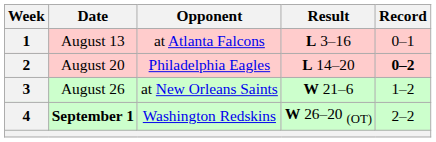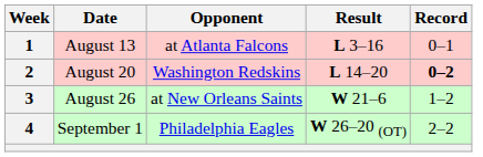 <table class="wikitable" style="text-align:center">
 <tr>
 <th>Week</th>
 <th>Date</th>
 <th>Opponent</th>
 <th>Result</th>
 <th>Record</th>
 </tr>
 <tr style="background:#fcc">
 <th>1</th>
 <td>August 13</td>
 <td>at <a href='#'>Atlanta Falcons</a></td>
 <td><strong>L</strong> 3–16</td>
 <td>0–1</td>
 </tr>
 <tr style="background:#fcc">
 <th>2</th>
 <td>August 20</td>
-<td><a href='#'>Philadelphia Eagles</a></td>
+<td><a href='#'>Washington Redskins</a></td>
 <td><strong>L</strong> 14–20</td>
 <td><strong>0–2</strong></td>
 </tr>
 <tr style="background:#cfc">
 <th>3</th>
 <td>August 26</td>
 <td>at <a href='#'>New Orleans Saints</a></td>
 <td><strong>W</strong> 21–6</td>
 <td>1–2</td>
 </tr>
 <tr style="background:#cfc">
 <th>4</th>
-<td><strong>September 1</strong></td>
-<td><a href='#'>Washington Redskins</a></td>
+<td>September 1</td>
+<td><a href='#'>Philadelphia Eagles</a></td>
 <td><strong>W</strong> 26–20 <sub>(OT)</sub></td>
 <td>2–2</td>
 </tr>
 <tr>
 <th colspan="5"></th>
 </tr>
 </table>
